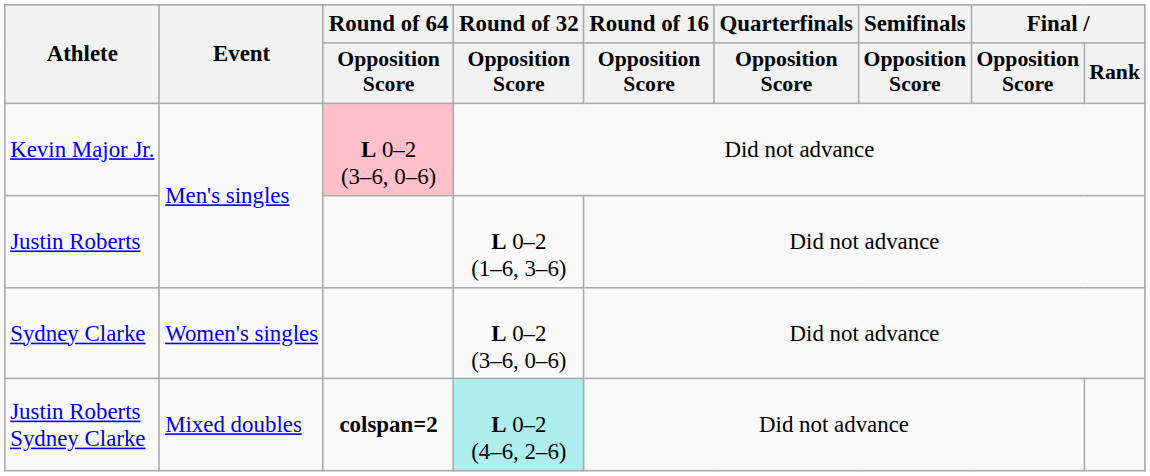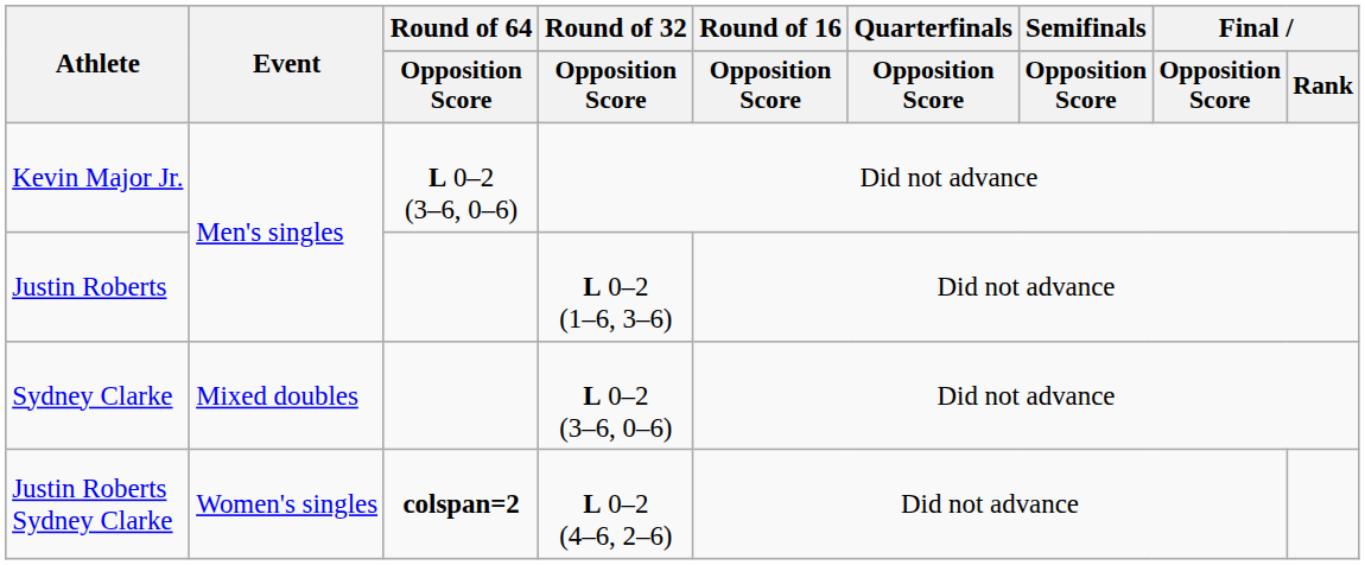 <table class=wikitable style="font-size:90%">
 <tr>
 <th rowspan="2">Athlete</th>
 <th rowspan="2">Event</th>
 <th>Round of 64</th>
 <th>Round of 32</th>
 <th>Round of 16</th>
 <th>Quarterfinals</th>
 <th>Semifinals</th>
 <th colspan=2>Final / </th>
 </tr>
 <tr style="font-size:95%">
 <th>Opposition<br>Score</th>
 <th>Opposition<br>Score</th>
 <th>Opposition<br>Score</th>
 <th>Opposition<br>Score</th>
 <th>Opposition<br>Score</th>
 <th>Opposition<br>Score</th>
 <th>Rank</th>
 </tr>
 <tr align=center>
 <td align=left><a href='#'>Kevin Major Jr.</a></td>
 <td align=left rowspan=2><a href='#'>Men's singles</a></td>
-<td style="background: pink;"><br><strong>L</strong> 0–2<br>(3–6, 0–6)</td>
+<td><br><strong>L</strong> 0–2<br>(3–6, 0–6)</td>
 <td colspan=6>Did not advance</td>
 </tr>
 <tr align=center>
 <td align=left><a href='#'>Justin Roberts</a></td>
 <td></td>
 <td><br><strong>L</strong> 0–2<br>(1–6, 3–6)</td>
 <td colspan=5>Did not advance</td>
 </tr>
 <tr align=center>
 <td align=left><a href='#'>Sydney Clarke</a></td>
-<td align=left><a href='#'>Women's singles</a></td>
+<td align=left><a href='#'>Mixed doubles</a></td>
 <td></td>
 <td><br><strong>L</strong> 0–2<br>(3–6, 0–6)</td>
 <td colspan=5>Did not advance</td>
 </tr>
 <tr align=center>
 <td align=left><a href='#'>Justin Roberts</a><br><a href='#'>Sydney Clarke</a></td>
-<td align=left><a href='#'>Mixed doubles</a></td>
+<td align=left><a href='#'>Women's singles</a></td>
 <td><strong>colspan=2 </strong></td>
-<td style="background: paleturquoise;"><br><strong>L</strong> 0–2 <br>(4–6, 2–6)</td>
+<td><br><strong>L</strong> 0–2 <br>(4–6, 2–6)</td>
 <td colspan=4>Did not advance</td>
 </tr>
 </table>
